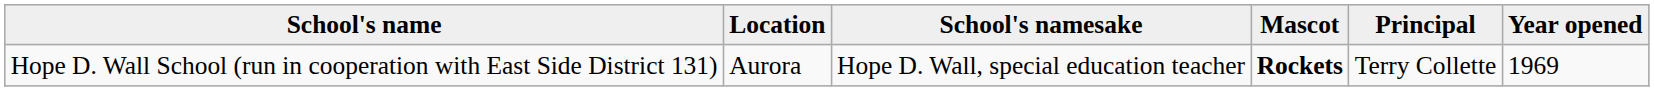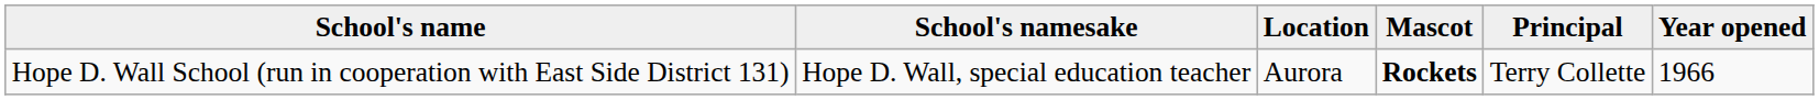 <table class="wikitable">
 <tr>
 <th style="background:#efefef;">School's name</th>
+<th style="background:#efefef;">School's namesake</th>
 <th style="background:#efefef;">Location</th>
-<th style="background:#efefef;">School's namesake</th>
 <th style="background:#efefef;">Mascot</th>
 <th style="background:#efefef;">Principal</th>
 <th style="background:#efefef;">Year opened</th>
 </tr>
 <tr>
 <td>Hope D. Wall School (run in cooperation with East Side District 131)</td>
+<td>Hope D. Wall, special education teacher</td>
 <td>Aurora</td>
-<td>Hope D. Wall, special education teacher</td>
 <td><strong>Rockets</strong></td>
 <td>Terry Collette</td>
-<td>1969</td>
+<td>1966</td>
 </tr>
 </table>
